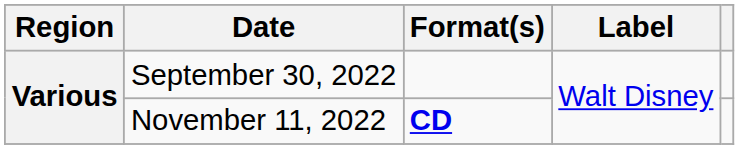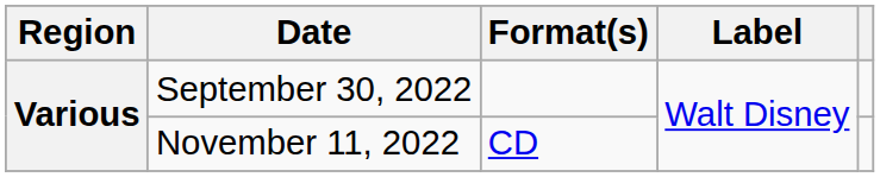 <table class="wikitable plainrowheaders">
 <tr>
 <th scope="col">Region</th>
 <th scope="col">Date</th>
 <th scope="col">Format(s)</th>
 <th scope="col">Label</th>
 <th scope="col"></th>
 </tr>
 <tr>
 <th rowspan="2" scope="row">Various</th>
 <td>September 30, 2022</td>
 <td></td>
 <td rowspan="2"><a href='#'>Walt Disney</a></td>
 <td align="center"></td>
 </tr>
 <tr>
 <td>November 11, 2022</td>
-<td><strong><a href='#'>CD</a></strong></td>
+<td><a href='#'>CD</a></td>
 <td align="center"></td>
 </tr>
 </table>
